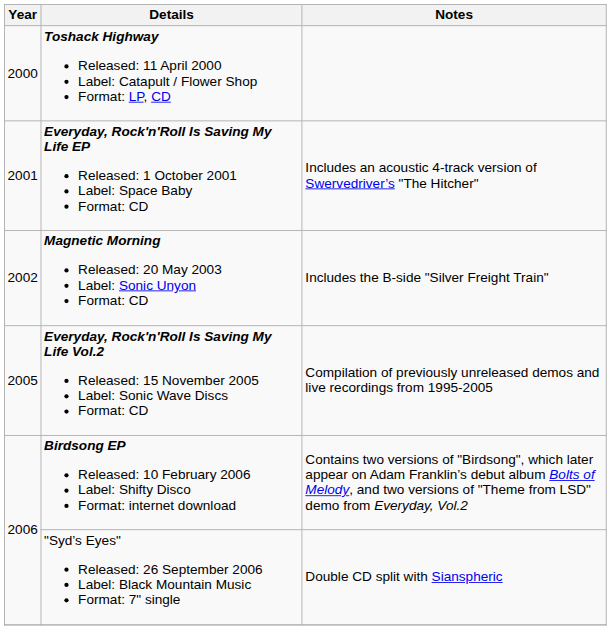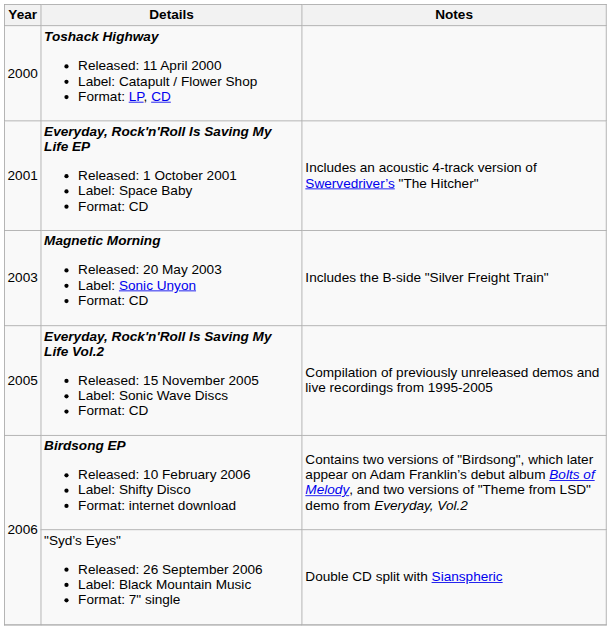 <table class="wikitable">
 <tr>
 <th width="33">Year</th>
 <th width="300">Details</th>
 <th width="350">Notes</th>
 </tr>
 <tr>
 <td align="center">2000</td>
 <td><strong><em>Toshack Highway</em></strong><br><ul><li>Released: 11 April 2000</li><li>Label: Catapult / Flower Shop</li><li>Format: <a href='#'>LP</a>, <a href='#'>CD</a></li></ul></td>
 <td></td>
 </tr>
 <tr>
 <td align="center">2001</td>
 <td><strong><em>Everyday, Rock'n'Roll Is Saving My Life EP</em></strong><br><ul><li>Released: 1 October 2001</li><li>Label: Space Baby</li><li>Format: CD</li></ul></td>
 <td>Includes an acoustic 4-track version of <a href='#'>Swervedriver’s</a> "The Hitcher"</td>
 </tr>
 <tr>
-<td align="center">2002</td>
+<td align="center">2003</td>
 <td><strong><em>Magnetic Morning</em></strong><br><ul><li>Released: 20 May 2003</li><li>Label: <a href='#'>Sonic Unyon</a></li><li>Format: CD</li></ul></td>
 <td>Includes the B-side "Silver Freight Train"</td>
 </tr>
 <tr>
 <td align="center">2005</td>
 <td><strong><em>Everyday, Rock'n'Roll Is Saving My Life Vol.2</em></strong><br><ul><li>Released: 15 November 2005</li><li>Label: Sonic Wave Discs</li><li>Format: CD</li></ul></td>
 <td>Compilation of previously unreleased demos and live recordings from 1995-2005</td>
 </tr>
 <tr>
 <td align="center" rowspan="2">2006</td>
 <td><strong><em>Birdsong EP</em></strong><br><ul><li>Released: 10 February 2006</li><li>Label: Shifty Disco</li><li>Format: internet download</li></ul></td>
 <td>Contains two versions of "Birdsong", which later appear on Adam Franklin’s debut album <em><a href='#'>Bolts of Melody</a></em>, and two versions of "Theme from LSD" demo from <em>Everyday, Vol.2</em></td>
 </tr>
 <tr>
 <td>"Syd’s Eyes"<br><ul><li>Released: 26 September 2006</li><li>Label: Black Mountain Music</li><li>Format: 7" single</li></ul></td>
 <td>Double CD split with <a href='#'>Sianspheric</a></td>
 </tr>
 <tr>
 </tr>
 </table>
